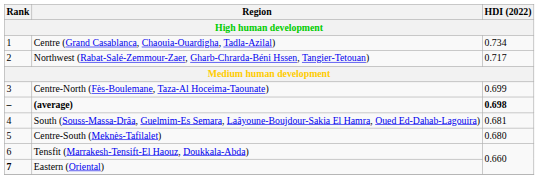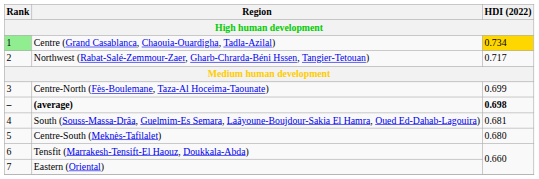 <table class="wikitable sortable">
 <tr>
 <th class="sort">Rank</th>
 <th class="sort">Region</th>
 <th class="sort">HDI (2022)</th>
 </tr>
 <tr>
 <th colspan="3" style="color:#0c0;">High human development</th>
 </tr>
 <tr>
-<td>1</td>
+<td style="background: lightgreen;">1</td>
 <td style="text-align:left">Centre (<a href='#'>Grand Casablanca</a>, <a href='#'>Chaouia-Ouardigha</a>, <a href='#'>Tadla-Azilal</a>)</td>
-<td>0.734</td>
+<td style="background: gold;">0.734</td>
 </tr>
 <tr>
 <td>2</td>
 <td style="text-align:left">Northwest (<a href='#'>Rabat-Salé-Zemmour-Zaer</a>, <a href='#'>Gharb-Chrarda-Béni Hssen</a>, <a href='#'>Tangier-Tetouan</a>)</td>
 <td>0.717</td>
 </tr>
 <tr style="background:#e6e6e6">
 <th colspan="3" style="color:#fc0;">Medium human development</th>
 </tr>
 <tr>
 <td>3</td>
 <td style="text-align:left">Centre-North (<a href='#'>Fès-Boulemane</a>, <a href='#'>Taza-Al Hoceima-Taounate</a>)</td>
 <td>0.699</td>
 </tr>
 <tr>
 <td><strong>–</strong></td>
 <td style="text-align:left"><strong></strong> <strong>(average)</strong></td>
 <td><strong>0.698</strong></td>
 </tr>
 <tr>
 <td>4</td>
 <td style="text-align:left">South (<a href='#'>Souss-Massa-Drâa</a>, <a href='#'>Guelmim-Es Semara</a>, <a href='#'>Laâyoune-Boujdour-Sakia El Hamra</a>, <a href='#'>Oued Ed-Dahab-Lagouira</a>)</td>
 <td>0.681</td>
 </tr>
 <tr>
 <td>5</td>
 <td style="text-align:left">Centre-South (<a href='#'>Meknès-Tafilalet</a>)</td>
 <td>0.680</td>
 </tr>
 <tr>
 <td>6</td>
 <td style="text-align:left">Tensfit (<a href='#'>Marrakesh-Tensift-El Haouz</a>, <a href='#'>Doukkala-Abda</a>)</td>
 <td rowspan="2">0.660</td>
 </tr>
 <tr>
-<td><strong>7</strong></td>
+<td>7</td>
 <td style="text-align:left">Eastern (<a href='#'>Oriental</a>)</td>
 </tr>
 <tr>
 </tr>
 </table>
